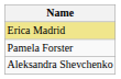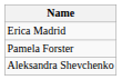 <table class="wikitable">
 <tr>
 <th>Name</th>
 </tr>
 <tr>
-<td style="background: khaki;"> Erica Madrid</td>
+<td> Erica Madrid</td>
 </tr>
 <tr>
 <td> Pamela Forster</td>
 </tr>
 <tr>
 <td> Aleksandra Shevchenko</td>
 </tr>
 </table>
